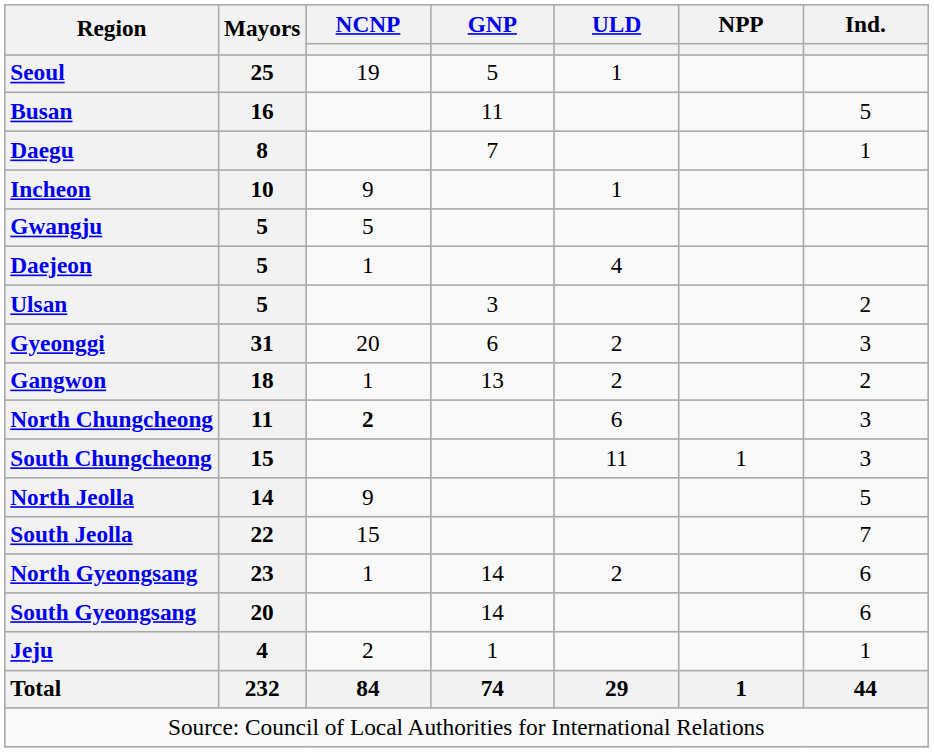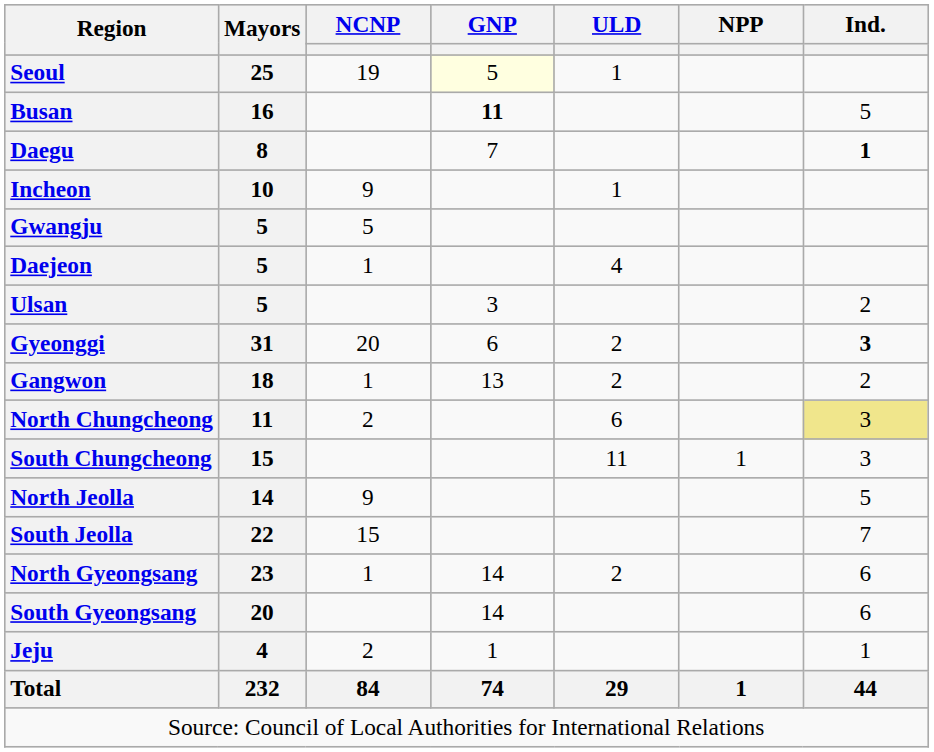 <table class="wikitable" style="text-align:center; font-size: 0.9em;">
 <tr>
 <th rowspan="2">Region</th>
 <th rowspan="2">Mayors</th>
 <th class="unsortable" style="width:70px;"><a href='#'>NCNP</a></th>
 <th class="unsortable" style="width:70px;"><a href='#'>GNP</a></th>
 <th class="unsortable" style="width:70px;"><a href='#'>ULD</a></th>
 <th class="unsortable" style="width:70px;">NPP</th>
 <th class="unsortable" style="width:70px;">Ind.</th>
 </tr>
 <tr>
 <th style="background:"></th>
 <th style="background:"></th>
 <th style="background:"></th>
 <th style="background:"></th>
 <th style="background:"></th>
 </tr>
 <tr>
 <th style="text-align: left;"><a href='#'>Seoul</a></th>
 <th>25</th>
 <td>19</td>
-<td>5</td>
+<td style="background: lightyellow;">5</td>
 <td>1</td>
 <td></td>
 <td></td>
 </tr>
 <tr>
 <th style="text-align: left;"><a href='#'>Busan</a></th>
 <th>16</th>
 <td></td>
-<td>11</td>
+<td><strong>11</strong></td>
 <td></td>
 <td></td>
 <td>5</td>
 </tr>
 <tr>
 <th style="text-align: left;"><a href='#'>Daegu</a></th>
 <th>8</th>
 <td></td>
 <td>7</td>
 <td></td>
 <td></td>
-<td>1</td>
+<td><strong>1</strong></td>
 </tr>
 <tr>
 <th style="text-align: left;"><a href='#'>Incheon</a></th>
 <th>10</th>
 <td>9</td>
 <td></td>
 <td>1</td>
 <td></td>
 <td></td>
 </tr>
 <tr>
 <th style="text-align: left;"><a href='#'>Gwangju</a></th>
 <th>5</th>
 <td>5</td>
 <td></td>
 <td></td>
 <td></td>
 <td></td>
 </tr>
 <tr>
 <th style="text-align: left;"><a href='#'>Daejeon</a></th>
 <th>5</th>
 <td>1</td>
 <td></td>
 <td>4</td>
 <td></td>
 <td></td>
 </tr>
 <tr>
 <th style="text-align: left;"><a href='#'>Ulsan</a></th>
 <th>5</th>
 <td></td>
 <td>3</td>
 <td></td>
 <td></td>
 <td>2</td>
 </tr>
 <tr>
 <th style="text-align: left;"><a href='#'>Gyeonggi</a></th>
 <th>31</th>
 <td>20</td>
 <td>6</td>
 <td>2</td>
 <td></td>
-<td>3</td>
+<td><strong>3</strong></td>
 </tr>
 <tr>
 <th style="text-align: left;"><a href='#'>Gangwon</a></th>
 <th>18</th>
 <td>1</td>
 <td>13</td>
 <td>2</td>
 <td></td>
 <td>2</td>
 </tr>
 <tr>
 <th style="text-align: left;"><a href='#'>North Chungcheong</a></th>
 <th>11</th>
-<td><strong>2</strong></td>
+<td>2</td>
 <td></td>
 <td>6</td>
 <td></td>
-<td>3</td>
+<td style="background: khaki;">3</td>
 </tr>
 <tr>
 <th style="text-align: left;"><a href='#'>South Chungcheong</a></th>
 <th>15</th>
 <td></td>
 <td></td>
 <td>11</td>
 <td>1</td>
 <td>3</td>
 </tr>
 <tr>
 <th style="text-align: left;"><a href='#'>North Jeolla</a></th>
 <th>14</th>
 <td>9</td>
 <td></td>
 <td></td>
 <td></td>
 <td>5</td>
 </tr>
 <tr>
 <th style="text-align: left;"><a href='#'>South Jeolla</a></th>
 <th>22</th>
 <td>15</td>
 <td></td>
 <td></td>
 <td></td>
 <td>7</td>
 </tr>
 <tr>
 <th style="text-align: left;"><a href='#'>North Gyeongsang</a></th>
 <th>23</th>
 <td>1</td>
 <td>14</td>
 <td>2</td>
 <td></td>
 <td>6</td>
 </tr>
 <tr>
 <th style="text-align: left;"><a href='#'>South Gyeongsang</a></th>
 <th>20</th>
 <td></td>
 <td>14</td>
 <td></td>
 <td></td>
 <td>6</td>
 </tr>
 <tr>
 <th style="text-align: left;"><a href='#'>Jeju</a></th>
 <th>4</th>
 <td>2</td>
 <td>1</td>
 <td></td>
 <td></td>
 <td>1</td>
 </tr>
 <tr class="sortbottom">
 <th style="text-align: left;">Total</th>
 <th>232</th>
 <th>84</th>
 <th>74</th>
 <th>29</th>
 <th>1</th>
 <th>44</th>
 </tr>
 <tr>
 <td colspan="7">Source: Council of Local Authorities for International Relations</td>
 </tr>
 </table>
